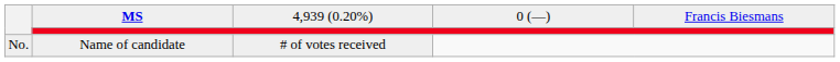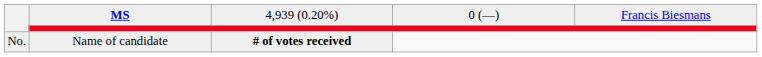 <table class="wikitable collapsible collapsed" style=text-align:left;font-size:90%>
 <tr>
 <th rowspan=2></th>
 <td bgcolor=efefef width=200 align=center><strong> <a href='#'>MS</a> </strong></td>
 <td bgcolor=efefef width=200 align=center>4,939 (0.20%)</td>
 <td bgcolor=efefef width=200 align=center>0 (—)</td>
 <td bgcolor=efefef width=200 align=center><a href='#'>Francis Biesmans</a></td>
 </tr>
 <tr>
 <td colspan=4 bgcolor=#F0001C></td>
 </tr>
 <tr>
 <td bgcolor=efefef align=center>No.</td>
 <td bgcolor=efefef align=center>Name of candidate</td>
-<td bgcolor=efefef align=center># of votes received</td>
+<td bgcolor=efefef align=center><strong># of votes received</strong></td>
 </tr>
 </table>
